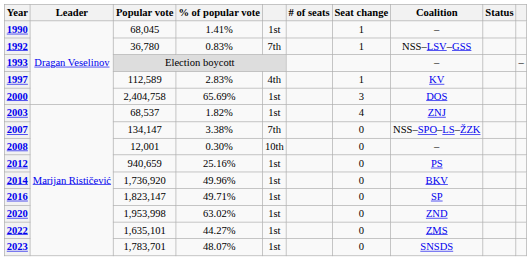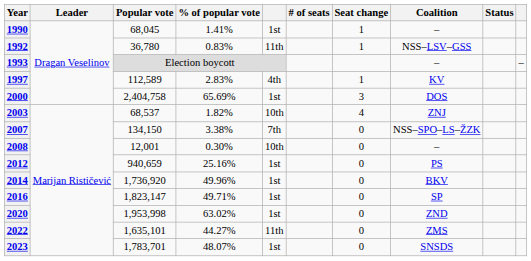 <table class="wikitable" style="text-align:center">
 <tr>
 <th>Year</th>
 <th>Leader</th>
 <th>Popular vote</th>
 <th>% of popular vote</th>
 <th></th>
 <th># of seats</th>
 <th>Seat change</th>
 <th>Coalition</th>
 <th>Status</th>
 <th></th>
 </tr>
 <tr>
 <th><a href='#'>1990</a></th>
 <td rowspan="5"><a href='#'>Dragan Veselinov</a></td>
 <td>68,045</td>
 <td>1.41%</td>
 <td> 1st</td>
 <td></td>
 <td> 1</td>
 <td>–</td>
 <td></td>
 <td></td>
 </tr>
 <tr>
 <th><a href='#'>1992</a></th>
 <td>36,780</td>
 <td>0.83%</td>
-<td> 7th</td>
+<td> 11th</td>
 <td></td>
 <td> 1</td>
 <td>NSS–<a href='#'>LSV</a>–<a href='#'>GSS</a></td>
 <td></td>
 <td></td>
 </tr>
 <tr>
 <th><a href='#'>1993</a></th>
 <td colspan=3 style="background:#ddd;">Election boycott</td>
 <td></td>
 <td></td>
 <td>–</td>
 <td></td>
 <td>–</td>
 </tr>
 <tr>
 <th><a href='#'>1997</a></th>
 <td>112,589</td>
 <td>2.83%</td>
 <td> 4th</td>
 <td></td>
 <td> 1</td>
 <td><a href='#'>KV</a></td>
 <td></td>
 <td></td>
 </tr>
 <tr>
 <th><a href='#'>2000</a></th>
 <td>2,404,758</td>
 <td>65.69%</td>
 <td> 1st</td>
 <td></td>
 <td> 3</td>
 <td><a href='#'>DOS</a></td>
 <td></td>
 <td></td>
 </tr>
 <tr>
 <th><a href='#'>2003</a></th>
 <td rowspan="9"><a href='#'>Marijan Rističević</a></td>
 <td>68,537</td>
 <td>1.82%</td>
-<td> 1st</td>
+<td> 10th</td>
 <td></td>
 <td> 4</td>
 <td><a href='#'>ZNJ</a></td>
 <td></td>
 <td></td>
 </tr>
 <tr>
 <th><a href='#'>2007</a></th>
-<td>134,147</td>
+<td>134,150</td>
 <td>3.38%</td>
 <td> 7th</td>
 <td></td>
 <td> 0</td>
 <td>NSS–<a href='#'>SPO</a>–<a href='#'>LS</a>–<a href='#'>ŽZK</a></td>
 <td></td>
 <td></td>
 </tr>
 <tr>
 <th><a href='#'>2008</a></th>
 <td>12,001</td>
 <td>0.30%</td>
 <td> 10th</td>
 <td></td>
 <td> 0</td>
 <td>–</td>
 <td></td>
 <td></td>
 </tr>
 <tr>
 <th><a href='#'>2012</a></th>
 <td>940,659</td>
 <td>25.16%</td>
 <td> 1st</td>
 <td></td>
 <td> 0</td>
 <td><a href='#'>PS</a></td>
 <td></td>
 <td></td>
 </tr>
 <tr>
 <th><a href='#'>2014</a></th>
 <td>1,736,920</td>
 <td>49.96%</td>
 <td> 1st</td>
 <td></td>
 <td> 0</td>
 <td><a href='#'>BKV</a></td>
 <td></td>
 <td></td>
 </tr>
 <tr>
 <th><a href='#'>2016</a></th>
 <td>1,823,147</td>
 <td>49.71%</td>
 <td> 1st</td>
 <td></td>
 <td> 0</td>
 <td><a href='#'>SP</a></td>
 <td></td>
 <td></td>
 </tr>
 <tr>
 <th><a href='#'>2020</a></th>
 <td>1,953,998</td>
 <td>63.02%</td>
 <td> 1st</td>
 <td></td>
 <td> 0</td>
 <td><a href='#'>ZND</a></td>
 <td></td>
 <td></td>
 </tr>
 <tr>
 <th><a href='#'>2022</a></th>
 <td>1,635,101</td>
 <td>44.27%</td>
-<td> 1st</td>
+<td> 11th</td>
 <td></td>
 <td> 0</td>
 <td><a href='#'>ZMS</a></td>
 <td></td>
 <td></td>
 </tr>
 <tr>
 <th><a href='#'>2023</a></th>
 <td>1,783,701</td>
 <td>48.07%</td>
 <td> 1st</td>
 <td></td>
 <td> 0</td>
 <td><a href='#'>SNSDS</a></td>
 <td></td>
 <td></td>
 </tr>
 </table>
